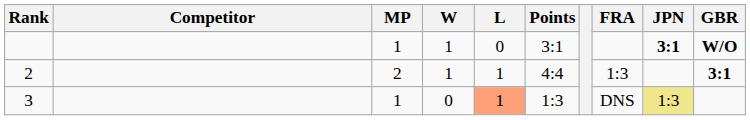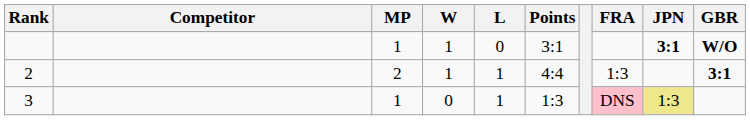 <table class="wikitable" style="text-align:center">
 <tr>
 <th>Rank</th>
 <th style="width:18em">Competitor</th>
 <th style="width:2.5em">MP</th>
 <th style="width:2.5em">W</th>
 <th style="width:2.5em">L</th>
 <th>Points</th>
 <th rowspan="4"> </th>
 <th style="width:2.5em">FRA</th>
 <th style="width:2.5em">JPN</th>
 <th style="width:2.5em">GBR</th>
 </tr>
 <tr>
 <td></td>
 <td style="text-align:left"></td>
 <td>1</td>
 <td>1</td>
 <td>0</td>
 <td>3:1</td>
 <td></td>
 <td><strong>3:1</strong></td>
 <td><strong>W/O</strong></td>
 </tr>
 <tr>
 <td>2</td>
 <td style="text-align:left"></td>
 <td>2</td>
 <td>1</td>
 <td>1</td>
 <td>4:4</td>
 <td>1:3</td>
 <td></td>
 <td><strong>3:1</strong></td>
 </tr>
 <tr>
 <td>3</td>
 <td style="text-align:left"></td>
 <td>1</td>
 <td>0</td>
-<td style="background: lightsalmon;">1</td>
+<td>1</td>
 <td>1:3</td>
-<td>DNS</td>
+<td style="background: pink;">DNS</td>
 <td style="background: khaki;">1:3</td>
 <td></td>
 </tr>
 </table>
